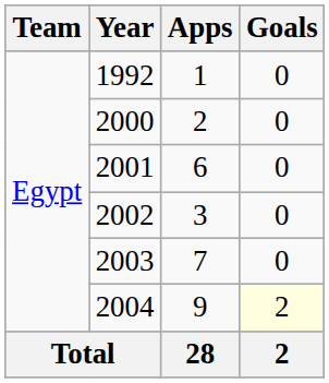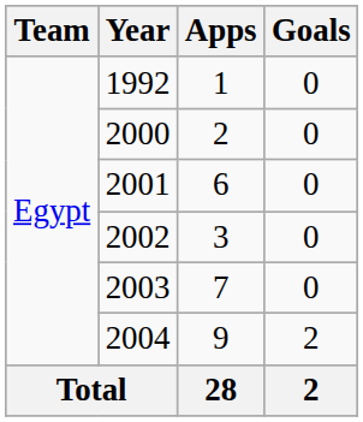 <table class="wikitable" style="text-align:center">
 <tr>
 <th>Team</th>
 <th>Year</th>
 <th>Apps</th>
 <th>Goals</th>
 </tr>
 <tr>
 <td rowspan=6><a href='#'>Egypt</a></td>
 <td>1992</td>
 <td>1</td>
 <td>0</td>
 </tr>
 <tr>
 <td>2000</td>
 <td>2</td>
 <td>0</td>
 </tr>
 <tr>
 <td>2001</td>
 <td>6</td>
 <td>0</td>
 </tr>
 <tr>
 <td>2002</td>
 <td>3</td>
 <td>0</td>
 </tr>
 <tr>
 <td>2003</td>
 <td>7</td>
 <td>0</td>
 </tr>
 <tr>
 <td>2004</td>
 <td>9</td>
-<td style="background: lightyellow;">2</td>
+<td>2</td>
 </tr>
 <tr>
 <th colspan=2>Total</th>
 <th>28</th>
 <th>2</th>
 </tr>
 </table>
